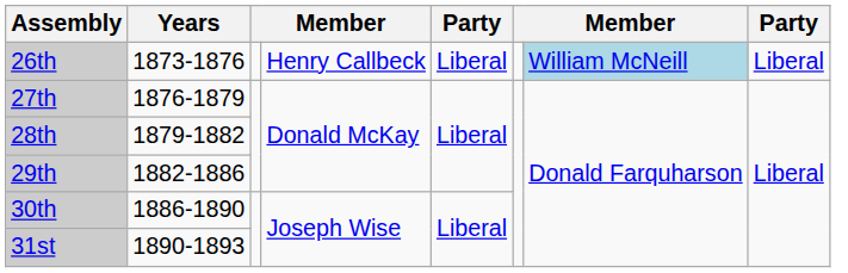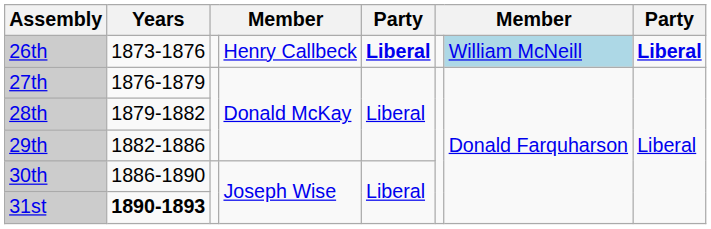 <table class="wikitable">
 <tr>
 <th>Assembly</th>
 <th>Years</th>
 <th colspan="2">Member</th>
 <th>Party</th>
 <th colspan="2">Member</th>
 <th>Party</th>
 </tr>
 <tr>
 <td bgcolor="CCCCCC"><a href='#'>26th</a></td>
 <td>1873-1876</td>
 <td></td>
 <td><a href='#'>Henry Callbeck</a></td>
-<td><a href='#'>Liberal</a></td>
+<td><strong><a href='#'>Liberal</a></strong></td>
 <td></td>
 <td style="background: lightblue;"><a href='#'>William McNeill</a></td>
-<td><a href='#'>Liberal</a></td>
+<td><strong><a href='#'>Liberal</a></strong></td>
 </tr>
 <tr>
 <td bgcolor="CCCCCC"><a href='#'>27th</a></td>
 <td>1876-1879</td>
 <td rowspan=3 ></td>
 <td rowspan=3><a href='#'>Donald McKay</a></td>
 <td rowspan=3><a href='#'>Liberal</a></td>
 <td rowspan=5 ></td>
 <td rowspan=5><a href='#'>Donald Farquharson</a></td>
 <td rowspan=5><a href='#'>Liberal</a></td>
 </tr>
 <tr>
 <td bgcolor="CCCCCC"><a href='#'>28th</a></td>
 <td>1879-1882</td>
 </tr>
 <tr>
 <td bgcolor="CCCCCC"><a href='#'>29th</a></td>
 <td>1882-1886</td>
 </tr>
 <tr>
 <td bgcolor="CCCCCC"><a href='#'>30th</a></td>
 <td>1886-1890</td>
 <td rowspan=2 ></td>
 <td rowspan=2><a href='#'>Joseph Wise</a></td>
 <td rowspan=2><a href='#'>Liberal</a></td>
 </tr>
 <tr>
 <td bgcolor="CCCCCC"><a href='#'>31st</a></td>
-<td>1890-1893</td>
+<td><strong>1890-1893</strong></td>
 </tr>
 </table>
